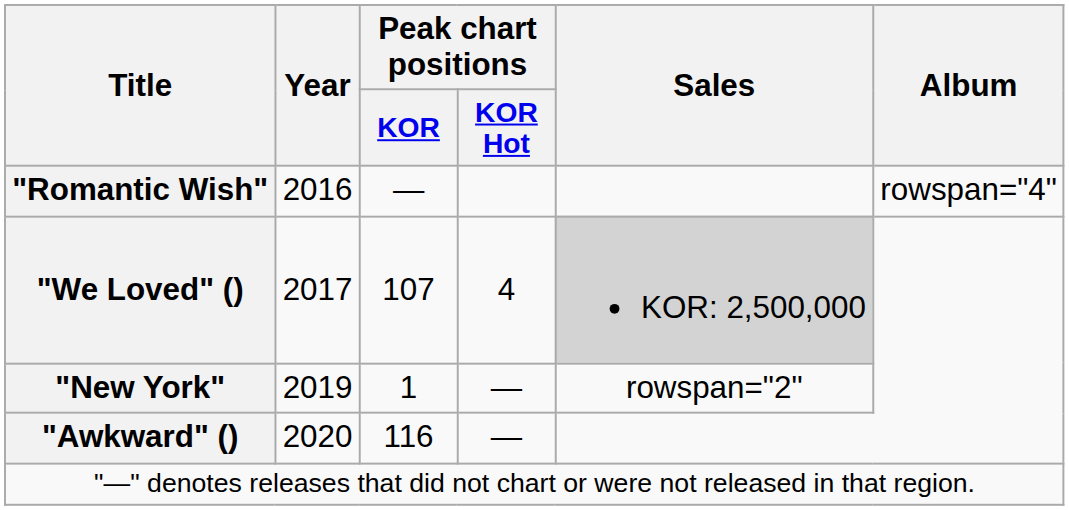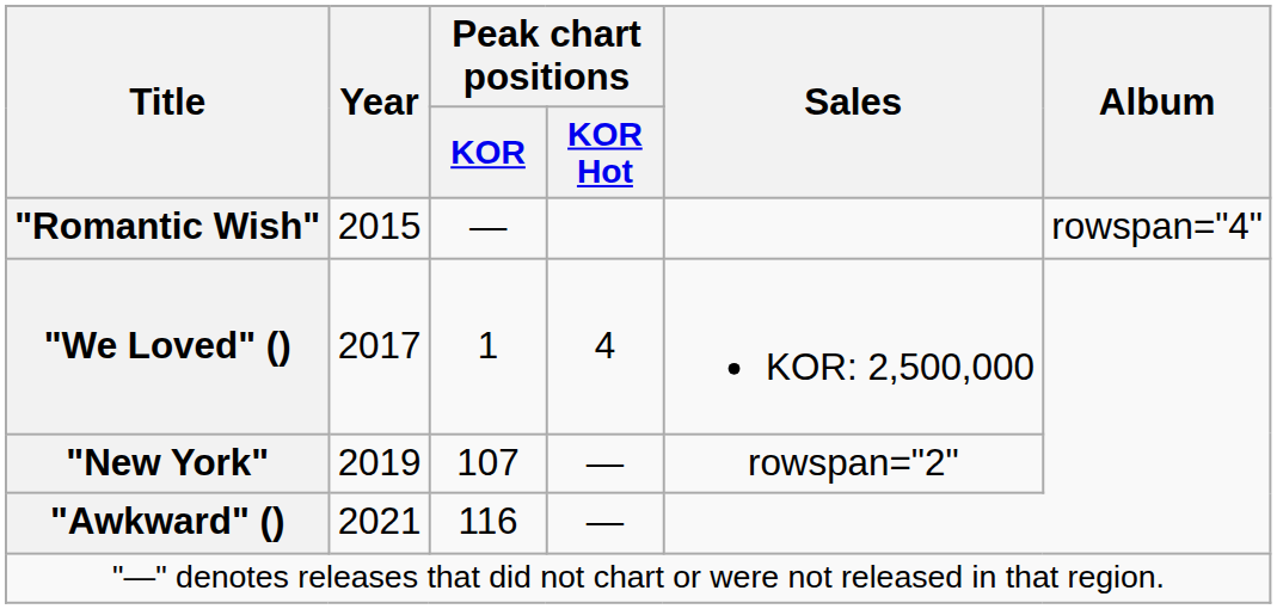 <table class="wikitable plainrowheaders" style="text-align:center;">
 <tr>
 <th scope="col" rowspan="2">Title</th>
 <th scope="col" rowspan="2">Year</th>
 <th scope="col" colspan="2">Peak chart positions</th>
 <th scope="col" rowspan="2">Sales</th>
 <th scope="col" rowspan="2">Album</th>
 </tr>
 <tr>
 <th scope="col" style="width:3em;font-size:90%;"><a href='#'>KOR</a><br></th>
 <th scope="col" style="width:3em;font-size:90%;"><a href='#'>KOR<br>Hot</a><br></th>
 </tr>
 <tr>
 <th scope="row">"Romantic Wish" <br></th>
-<td>2016</td>
+<td>2015</td>
 <td>—</td>
 <td></td>
 <td></td>
 <td>rowspan="4" </td>
 </tr>
 <tr>
 <th scope="row">"We Loved" ()<br></th>
 <td>2017</td>
-<td>107</td>
+<td>1</td>
 <td>4</td>
-<td style="background: lightgrey;"><br><ul><li>KOR: 2,500,000</li></ul></td>
+<td><br><ul><li>KOR: 2,500,000</li></ul></td>
 </tr>
 <tr>
 <th scope="row">"New York"<br></th>
 <td>2019</td>
-<td>1</td>
+<td>107</td>
 <td>—</td>
 <td>rowspan="2" </td>
 </tr>
 <tr>
 <th scope="row">"Awkward" ()<br></th>
-<td>2020</td>
+<td>2021</td>
 <td>116</td>
 <td>—</td>
 </tr>
 <tr>
 <td colspan="8" style="font-size:85%;">"—" denotes releases that did not chart or were not released in that region.</td>
 </tr>
 </table>
